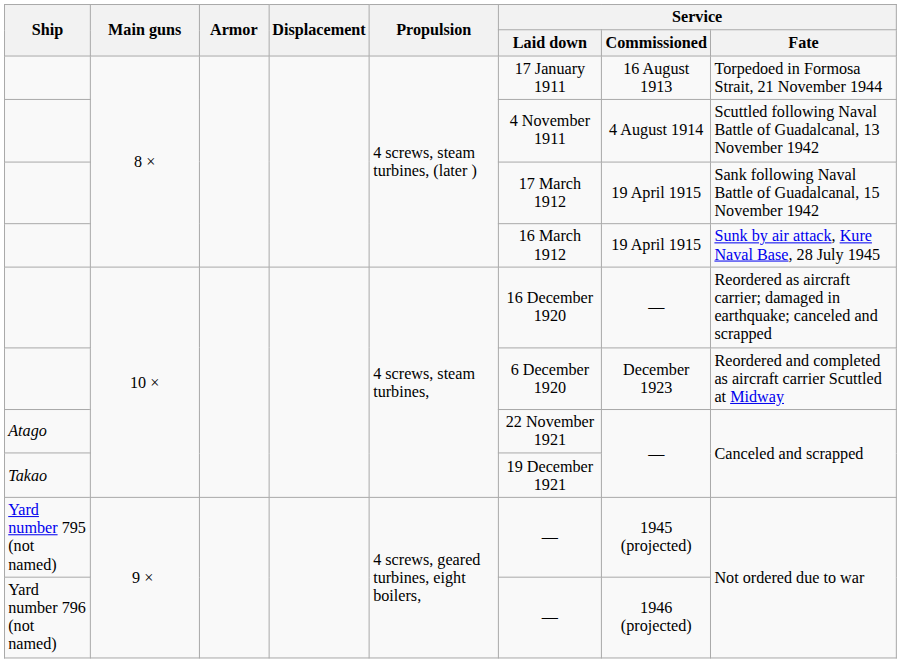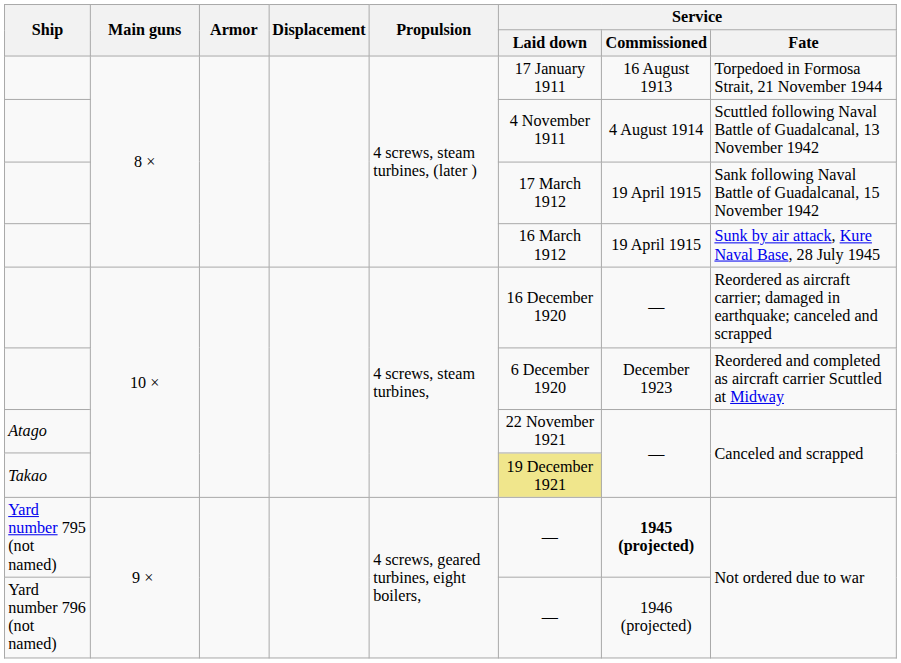 <table class="wikitable" style="width: 100%;">
 <tr valign="center" |- valign="center">
 <th width="10%" align="center" rowspan="2">Ship</th>
 <th width="13%" align="center" rowspan="2">Main guns</th>
 <th width="8%" align="center" rowspan="2">Armor</th>
 <th width="10%" align="center" rowspan="2">Displacement</th>
 <th width="15%" align="center" rowspan="2">Propulsion</th>
 <th width="30%" align="center" colspan="3">Service</th>
 </tr>
 <tr valign="top">
 <th width="12%" align="center">Laid down</th>
 <th width="10%" align="center">Commissioned</th>
 <th width="30%" align="center">Fate</th>
 </tr>
 <tr valign="center">
 <td align="left"></td>
 <td align="center" rowspan="4">8 × </td>
 <td align="center" rowspan="4"></td>
 <td align="center" rowspan="4"></td>
 <td align="left" rowspan="4">4 screws, steam turbines,  (later )</td>
 <td align="center">17 January 1911</td>
 <td align="center">16 August 1913</td>
 <td align="left">Torpedoed in Formosa Strait, 21 November 1944</td>
 </tr>
 <tr valign="center">
 <td align="left"></td>
 <td align="center">4 November 1911</td>
 <td align="center">4 August 1914</td>
 <td align="left">Scuttled following Naval Battle of Guadalcanal, 13 November 1942</td>
 </tr>
 <tr valign="center">
 <td align="left"></td>
 <td align="center">17 March 1912</td>
 <td align="center">19 April 1915</td>
 <td align="left">Sank following Naval Battle of Guadalcanal, 15 November 1942</td>
 </tr>
 <tr valign="center">
 <td align="left"></td>
 <td align="center">16 March 1912</td>
 <td align="center">19 April 1915</td>
 <td align="left"><a href='#'>Sunk by air attack</a>, <a href='#'>Kure Naval Base</a>, 28 July 1945</td>
 </tr>
 <tr valign="center">
 <td align="left"></td>
 <td align="center" rowspan="4">10 × </td>
 <td align="center" rowspan="4"></td>
 <td align="center" rowspan="4"></td>
 <td align="left" rowspan="4">4 screws, steam turbines, </td>
 <td align="center">16 December 1920</td>
 <td align="center">—</td>
 <td align="left">Reordered as aircraft carrier; damaged in earthquake; canceled and scrapped</td>
 </tr>
 <tr valign="center">
 <td align="left"></td>
 <td align="center">6 December 1920</td>
 <td align="center">December 1923</td>
 <td align="left">Reordered and completed as aircraft carrier Scuttled at <a href='#'>Midway</a></td>
 </tr>
 <tr valign="center">
 <td align="left"><em>Atago</em></td>
 <td align="center">22 November 1921</td>
 <td align="center" rowspan="2">—</td>
 <td rowspan="2" align="left">Canceled and scrapped</td>
 </tr>
 <tr valign="center">
 <td align="left"><em>Takao</em></td>
-<td align="center">19 December 1921</td>
+<td align="center" style="background: khaki;">19 December 1921</td>
 </tr>
 <tr valign="center">
 <td align="left"><a href='#'>Yard number</a> 795 (not named)</td>
 <td align="center" rowspan="2">9 × </td>
 <td align="center" rowspan="2"></td>
 <td align="center" rowspan="2"></td>
 <td align="left" rowspan="2">4 screws, geared turbines, eight boilers, </td>
 <td align="center">—</td>
-<td align="center">1945 (projected)</td>
+<td align="center"><strong>1945 (projected)</strong></td>
 <td rowspan="2" align="left">Not ordered due to war</td>
 </tr>
 <tr valign="center">
 <td align="left">Yard number 796 (not named)</td>
 <td align="center">—</td>
 <td align="center">1946 (projected)</td>
 </tr>
 </table>
